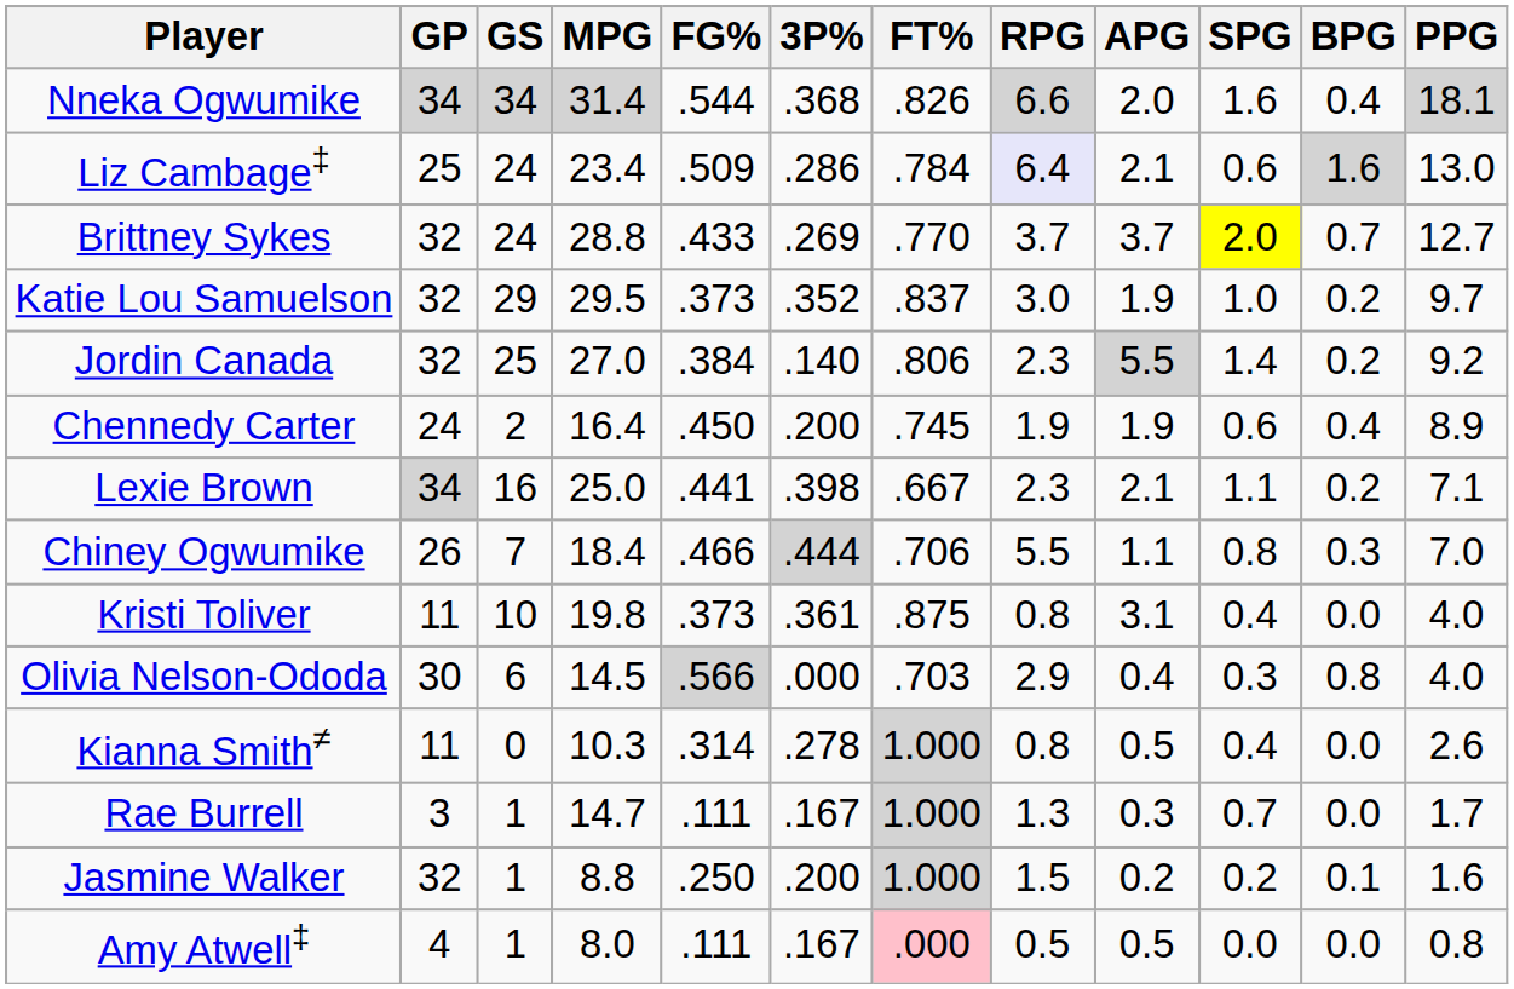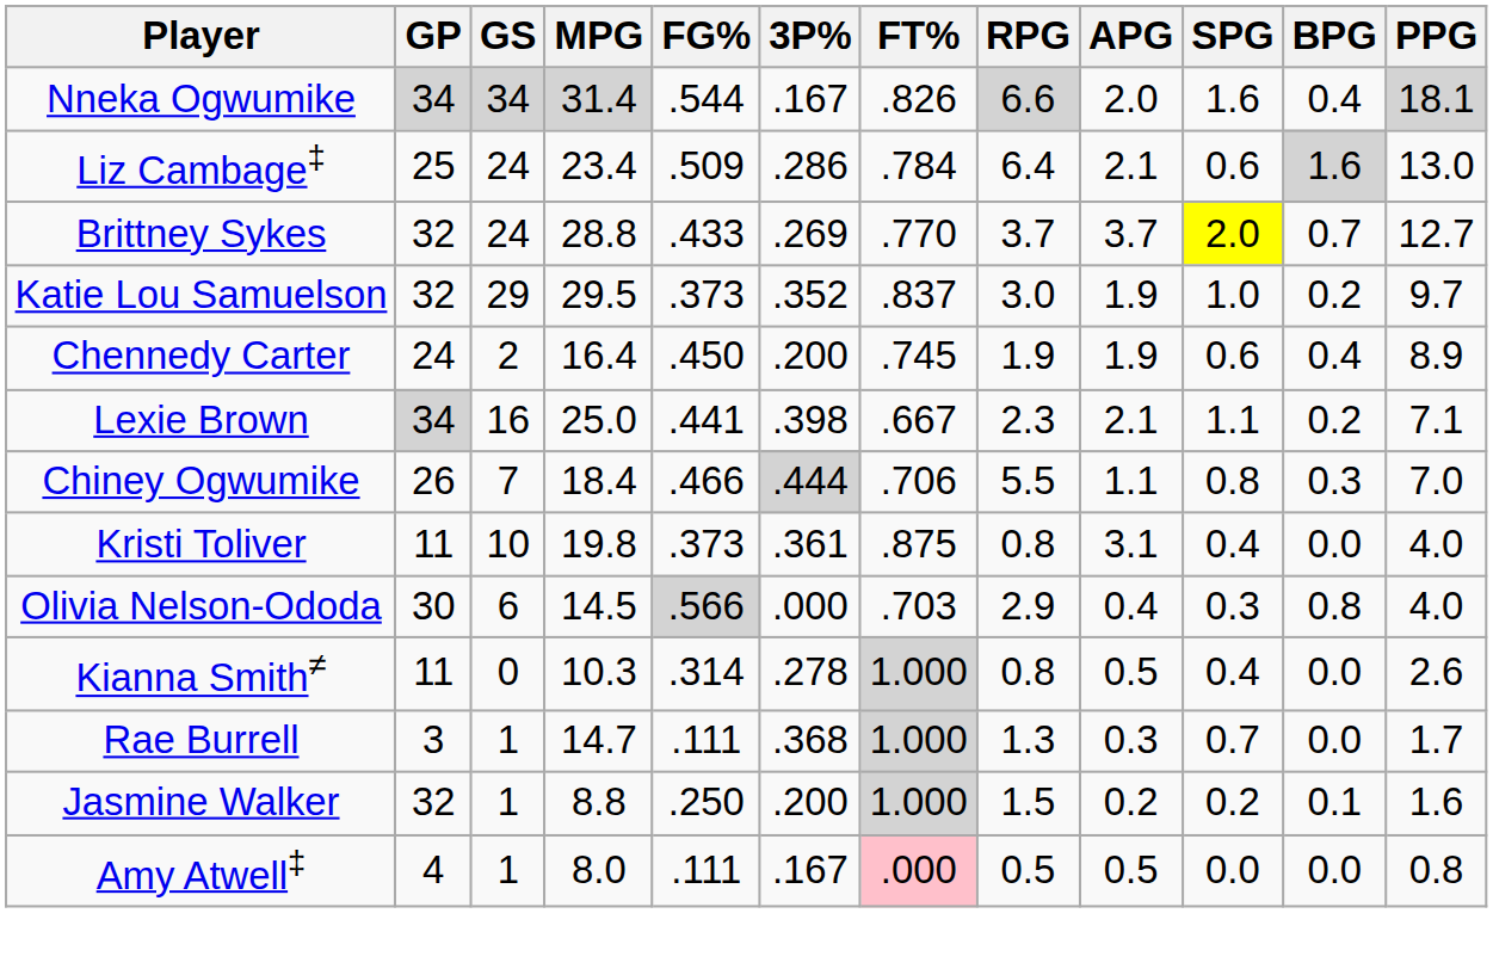 <table class="wikitable sortable" style="text-align:center">
 <tr>
 <th>Player</th>
 <th>GP</th>
 <th>GS</th>
 <th>MPG</th>
 <th>FG%</th>
 <th>3P%</th>
 <th>FT%</th>
 <th>RPG</th>
 <th>APG</th>
 <th>SPG</th>
 <th>BPG</th>
 <th>PPG</th>
 </tr>
 <tr>
 <td><a href='#'>Nneka Ogwumike</a></td>
 <td style="background:#D3D3D3;">34</td>
 <td style="background:#D3D3D3;">34</td>
 <td style="background:#D3D3D3;">31.4</td>
 <td>.544</td>
-<td>.368</td>
+<td>.167</td>
 <td>.826</td>
 <td style="background:#D3D3D3;">6.6</td>
 <td>2.0</td>
 <td>1.6</td>
 <td>0.4</td>
 <td style="background:#D3D3D3;">18.1</td>
 </tr>
 <tr>
 <td><a href='#'>Liz Cambage</a><sup>‡</sup></td>
 <td>25</td>
 <td>24</td>
 <td>23.4</td>
 <td>.509</td>
 <td>.286</td>
 <td>.784</td>
-<td style="background: lavender;">6.4</td>
+<td>6.4</td>
 <td>2.1</td>
 <td>0.6</td>
 <td style="background:#D3D3D3;">1.6</td>
 <td>13.0</td>
 </tr>
 <tr>
 <td><a href='#'>Brittney Sykes</a></td>
 <td>32</td>
 <td>24</td>
 <td>28.8</td>
 <td>.433</td>
 <td>.269</td>
 <td>.770</td>
 <td>3.7</td>
 <td>3.7</td>
 <td style="background:yellow;">2.0</td>
 <td>0.7</td>
 <td>12.7</td>
 </tr>
 <tr>
 <td><a href='#'>Katie Lou Samuelson</a></td>
 <td>32</td>
 <td>29</td>
 <td>29.5</td>
 <td>.373</td>
 <td>.352</td>
 <td>.837</td>
 <td>3.0</td>
 <td>1.9</td>
 <td>1.0</td>
 <td>0.2</td>
 <td>9.7</td>
-</tr>
-<tr>
-<td><a href='#'>Jordin Canada</a></td>
-<td>32</td>
-<td>25</td>
-<td>27.0</td>
-<td>.384</td>
-<td>.140</td>
-<td>.806</td>
-<td>2.3</td>
-<td style="background:#D3D3D3;">5.5</td>
-<td>1.4</td>
-<td>0.2</td>
-<td>9.2</td>
 </tr>
 <tr>
 <td><a href='#'>Chennedy Carter</a></td>
 <td>24</td>
 <td>2</td>
 <td>16.4</td>
 <td>.450</td>
 <td>.200</td>
 <td>.745</td>
 <td>1.9</td>
 <td>1.9</td>
 <td>0.6</td>
 <td>0.4</td>
 <td>8.9</td>
 </tr>
 <tr>
 <td><a href='#'>Lexie Brown</a></td>
 <td style="background:#D3D3D3;">34</td>
 <td>16</td>
 <td>25.0</td>
 <td>.441</td>
 <td>.398</td>
 <td>.667</td>
 <td>2.3</td>
 <td>2.1</td>
 <td>1.1</td>
 <td>0.2</td>
 <td>7.1</td>
 </tr>
 <tr>
 <td><a href='#'>Chiney Ogwumike</a></td>
 <td>26</td>
 <td>7</td>
 <td>18.4</td>
 <td>.466</td>
 <td style="background:#D3D3D3;">.444</td>
 <td>.706</td>
 <td>5.5</td>
 <td>1.1</td>
 <td>0.8</td>
 <td>0.3</td>
 <td>7.0</td>
 </tr>
 <tr>
 <td><a href='#'>Kristi Toliver</a></td>
 <td>11</td>
 <td>10</td>
 <td>19.8</td>
 <td>.373</td>
 <td>.361</td>
 <td>.875</td>
 <td>0.8</td>
 <td>3.1</td>
 <td>0.4</td>
 <td>0.0</td>
 <td>4.0</td>
 </tr>
 <tr>
 <td><a href='#'>Olivia Nelson-Ododa</a></td>
 <td>30</td>
 <td>6</td>
 <td>14.5</td>
 <td style="background:#D3D3D3;">.566</td>
 <td>.000</td>
 <td>.703</td>
 <td>2.9</td>
 <td>0.4</td>
 <td>0.3</td>
 <td>0.8</td>
 <td>4.0</td>
 </tr>
 <tr>
 <td><a href='#'>Kianna Smith</a><sup>≠</sup></td>
 <td>11</td>
 <td>0</td>
 <td>10.3</td>
 <td>.314</td>
 <td>.278</td>
 <td style="background:#D3D3D3;">1.000</td>
 <td>0.8</td>
 <td>0.5</td>
 <td>0.4</td>
 <td>0.0</td>
 <td>2.6</td>
 </tr>
 <tr>
 <td><a href='#'>Rae Burrell</a></td>
 <td>3</td>
 <td>1</td>
 <td>14.7</td>
 <td>.111</td>
-<td>.167</td>
+<td>.368</td>
 <td style="background:#D3D3D3;">1.000</td>
 <td>1.3</td>
 <td>0.3</td>
 <td>0.7</td>
 <td>0.0</td>
 <td>1.7</td>
 </tr>
 <tr>
 <td><a href='#'>Jasmine Walker</a></td>
 <td>32</td>
 <td>1</td>
 <td>8.8</td>
 <td>.250</td>
 <td>.200</td>
 <td style="background:#D3D3D3;">1.000</td>
 <td>1.5</td>
 <td>0.2</td>
 <td>0.2</td>
 <td>0.1</td>
 <td>1.6</td>
 </tr>
 <tr>
 <td><a href='#'>Amy Atwell</a><sup>‡</sup></td>
 <td>4</td>
 <td>1</td>
 <td>8.0</td>
 <td>.111</td>
 <td>.167</td>
 <td style="background: pink;">.000</td>
 <td>0.5</td>
 <td>0.5</td>
 <td>0.0</td>
 <td>0.0</td>
 <td>0.8</td>
 </tr>
 </table>
